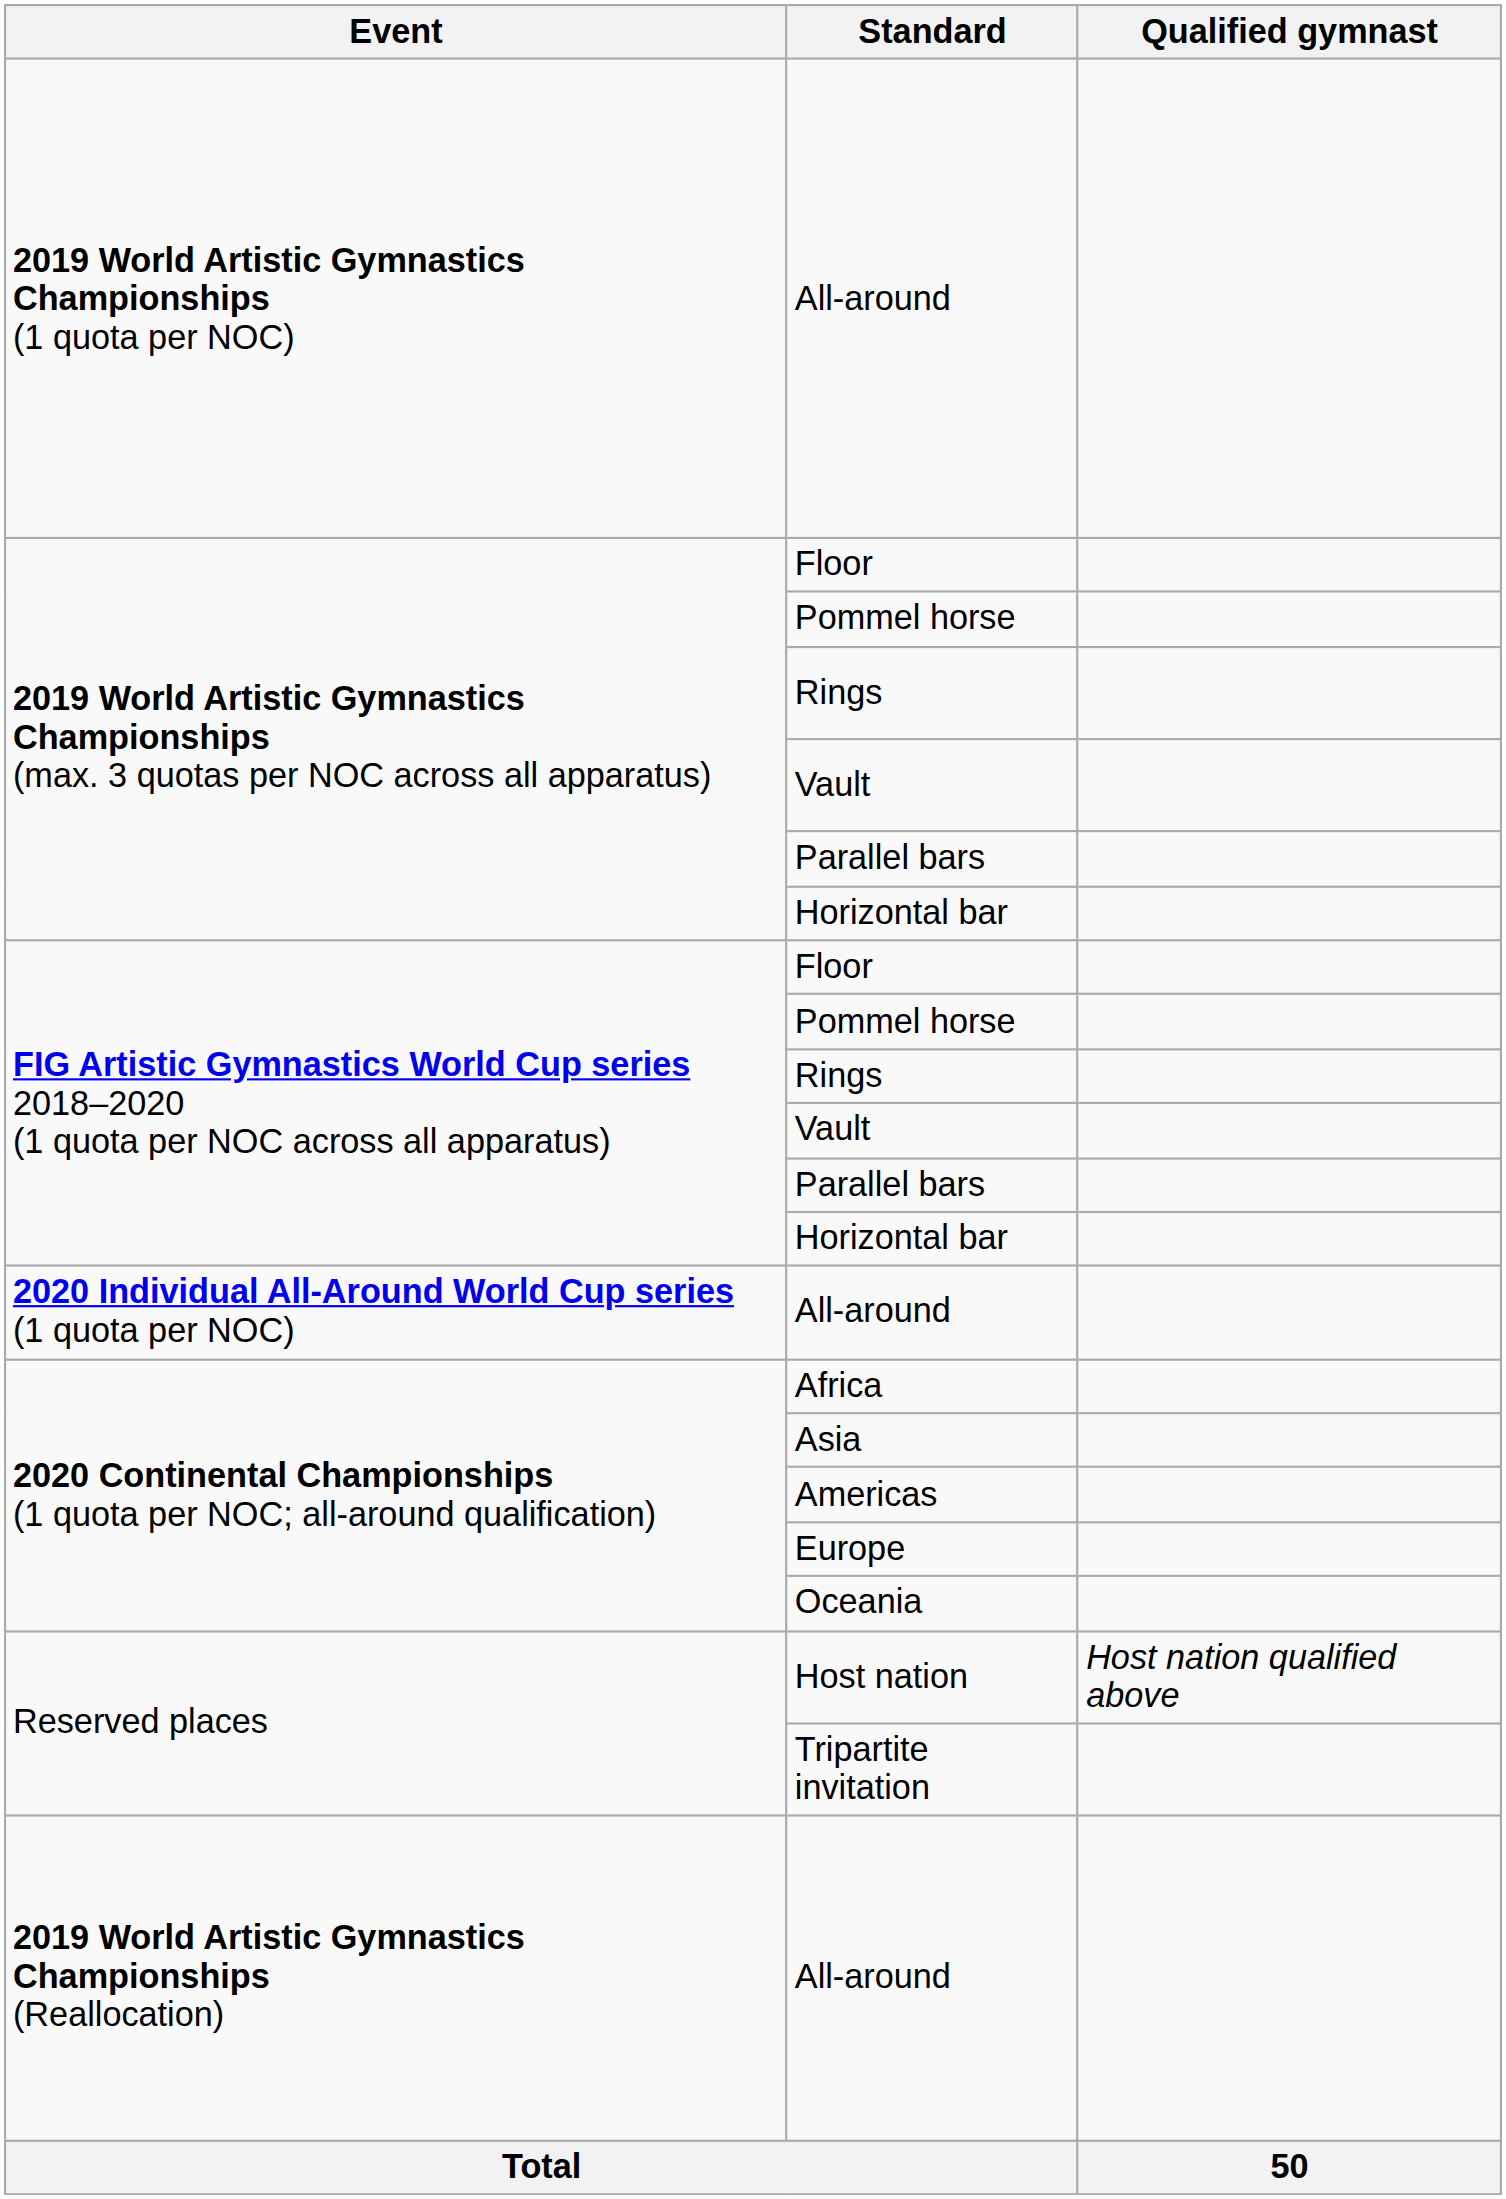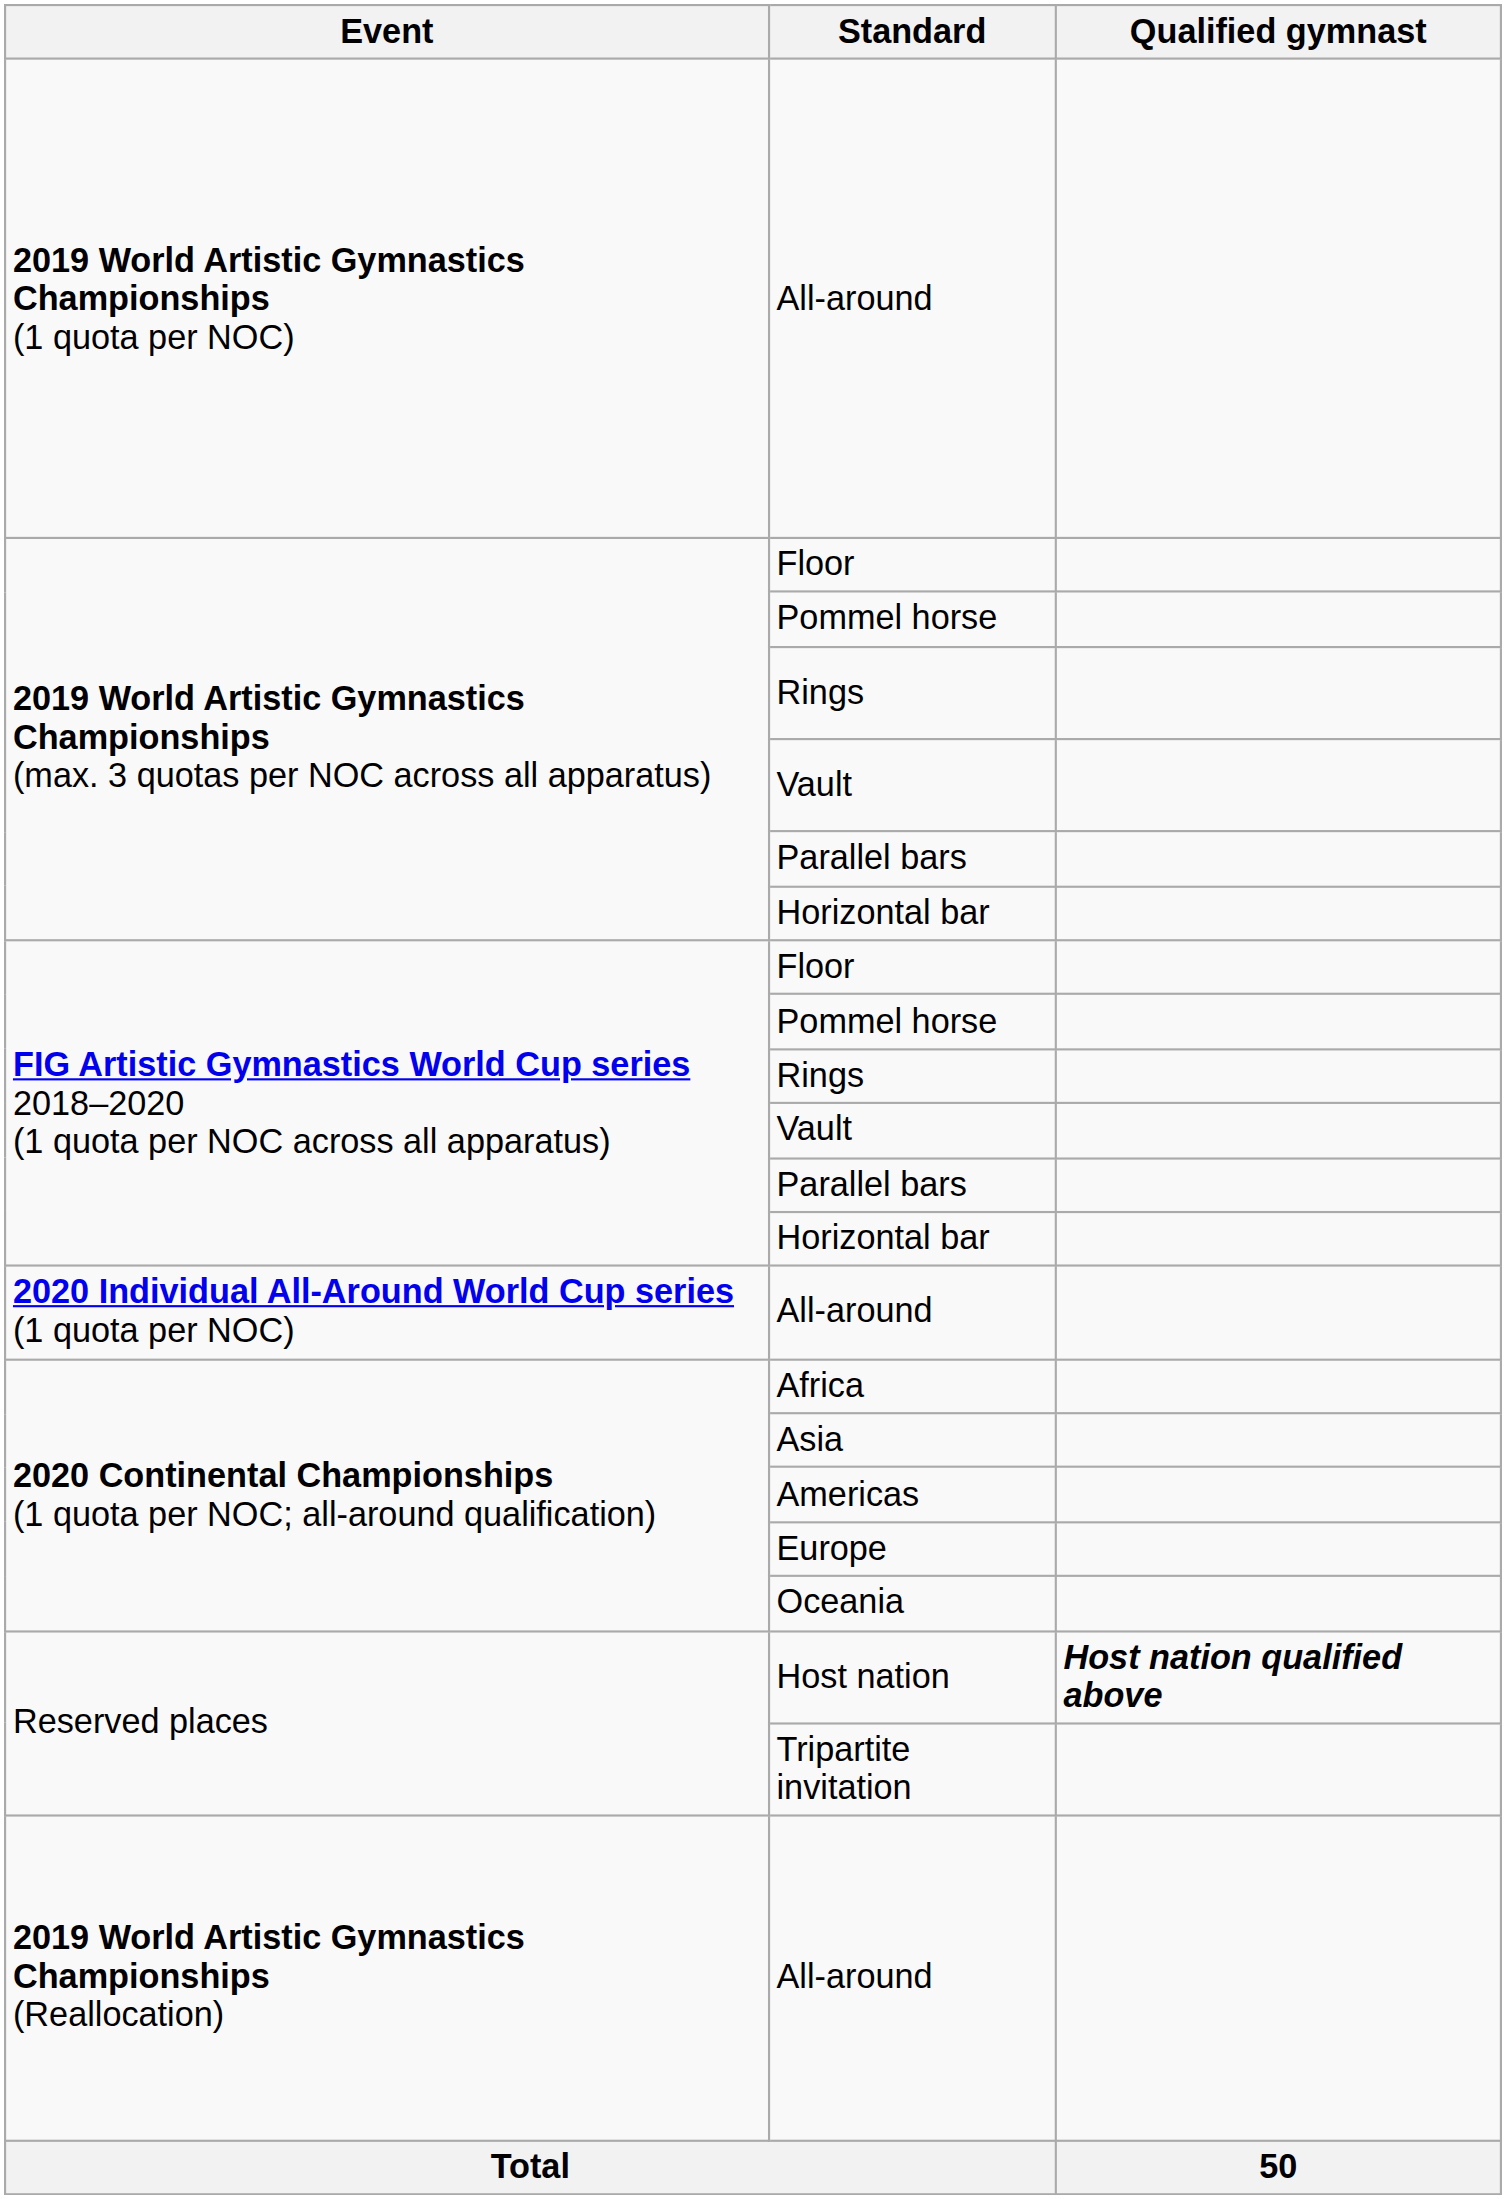 <table class="wikitable" style="width:700px;">
 <tr>
 <th>Event</th>
 <th>Standard</th>
 <th>Qualified gymnast</th>
 </tr>
 <tr>
 <td><strong>2019 World Artistic Gymnastics Championships</strong><br>(1 quota per NOC)</td>
 <td>All-around</td>
 <td><br><s></s><br><br><br><br><br><br><br><br><br><br><br></td>
 </tr>
 <tr>
 <td rowspan=6><strong>2019 World Artistic Gymnastics Championships</strong><br>(max. 3 quotas per NOC across all apparatus)</td>
 <td>Floor</td>
 <td></td>
 </tr>
 <tr>
 <td>Pommel horse</td>
 <td><br></td>
 </tr>
 <tr>
 <td>Rings</td>
 <td><br><br></td>
 </tr>
 <tr>
 <td>Vault</td>
 <td><br><br></td>
 </tr>
 <tr>
 <td>Parallel bars</td>
 <td></td>
 </tr>
 <tr>
 <td>Horizontal bar</td>
 <td><br></td>
 </tr>
 <tr>
 <td rowspan="6"><strong><a href='#'>FIG Artistic Gymnastics World Cup series</a></strong><br>2018–2020<br>(1 quota per NOC across all apparatus)</td>
 <td>Floor</td>
 <td></td>
 </tr>
 <tr>
 <td>Pommel horse</td>
 <td></td>
 </tr>
 <tr>
 <td>Rings</td>
 <td></td>
 </tr>
 <tr>
 <td>Vault</td>
 <td></td>
 </tr>
 <tr>
 <td>Parallel bars</td>
 <td></td>
 </tr>
 <tr>
 <td>Horizontal bar</td>
 <td></td>
 </tr>
 <tr>
 <td><strong><a href='#'>2020 Individual All-Around World Cup series</a></strong><br>(1 quota per NOC)</td>
 <td>All-around</td>
 <td><br><br></td>
 </tr>
 <tr>
 <td rowspan="5"><strong>2020 Continental Championships</strong><br>(1 quota per NOC; all-around qualification)</td>
 <td>Africa</td>
 <td><br></td>
 </tr>
 <tr>
 <td>Asia</td>
 <td><br></td>
 </tr>
 <tr>
 <td>Americas</td>
 <td><br></td>
 </tr>
 <tr>
 <td>Europe</td>
 <td><br></td>
 </tr>
 <tr>
 <td>Oceania</td>
 <td></td>
 </tr>
 <tr>
 <td rowspan=2>Reserved places</td>
 <td>Host nation</td>
-<td><em>Host nation qualified above</em></td>
+<td><strong><em>Host nation qualified above</em></strong></td>
 </tr>
 <tr>
 <td>Tripartite invitation</td>
 <td></td>
 </tr>
 <tr>
 <td><strong>2019 World Artistic Gymnastics Championships</strong><br>(Reallocation)</td>
 <td>All-around</td>
 <td><br><br><br><br><br><s></s><br><br><br></td>
 </tr>
 <tr>
 <th colspan="2">Total</th>
 <th>50</th>
 </tr>
 </table>
